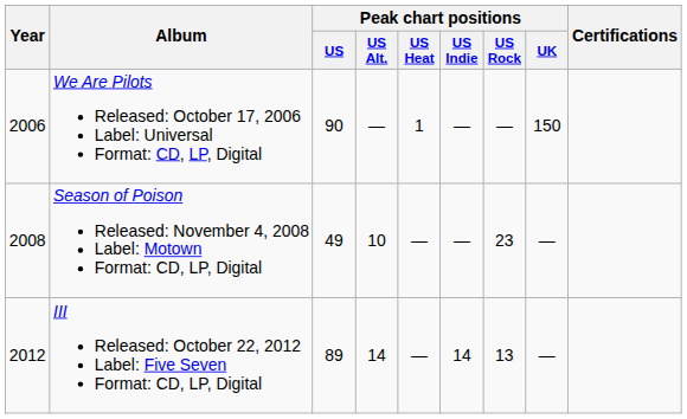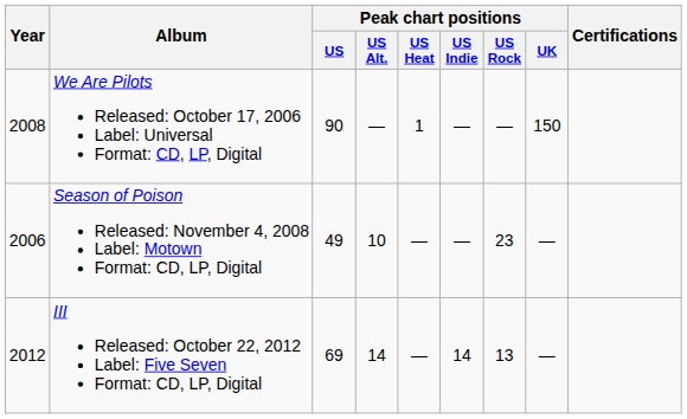 <table class="wikitable" style="text-align:center">
 <tr>
 <th rowspan="2">Year</th>
 <th rowspan="2">Album</th>
 <th colspan="6">Peak chart positions</th>
 <th rowspan="2">Certifications</th>
 </tr>
 <tr style="font-size:smaller;">
 <th style="width:35px;"><a href='#'>US</a><br></th>
 <th style="width:35px;"><a href='#'>US Alt.</a><br></th>
 <th style="width:35px;"><a href='#'>US Heat</a><br></th>
 <th style="width:35px;"><a href='#'>US Indie</a><br></th>
 <th style="width:35px;"><a href='#'>US Rock</a><br></th>
 <th style="width:35px;"><a href='#'>UK</a><br></th>
 </tr>
 <tr>
-<td>2006</td>
+<td>2008</td>
 <td style="text-align:left"><em><a href='#'>We Are Pilots</a></em><br><ul><li>Released: October 17, 2006</li><li>Label: Universal</li><li>Format: <a href='#'>CD</a>, <a href='#'>LP</a>, Digital</li></ul></td>
 <td>90</td>
 <td>—</td>
 <td>1</td>
 <td>—</td>
 <td>—</td>
 <td>150</td>
 <td></td>
 </tr>
 <tr>
-<td>2008</td>
+<td>2006</td>
 <td style="text-align:left"><em><a href='#'>Season of Poison</a></em><br><ul><li>Released: November 4, 2008</li><li>Label: <a href='#'>Motown</a></li><li>Format: CD, LP, Digital</li></ul></td>
 <td>49</td>
 <td>10</td>
 <td>—</td>
 <td>—</td>
 <td>23</td>
 <td>—</td>
 <td></td>
 </tr>
 <tr>
 <td>2012</td>
 <td style="text-align:left"><em><a href='#'>III</a></em><br><ul><li>Released: October 22, 2012</li><li>Label: <a href='#'>Five Seven</a></li><li>Format: CD, LP, Digital</li></ul></td>
-<td>89</td>
+<td>69</td>
 <td>14</td>
 <td>—</td>
 <td>14</td>
 <td>13</td>
 <td>—</td>
 <td></td>
 </tr>
 </table>
